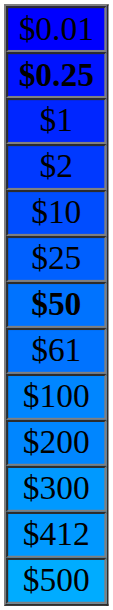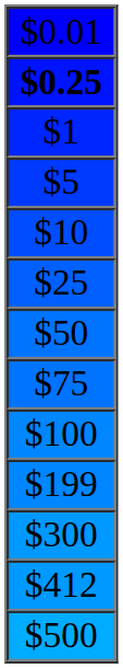 <table border=1 cellspacing=0 cellpadding=1 width=50px|->
 <tr>
 <td bgcolor="#0000FF" align=center><span>$0.01</span></td>
 </tr>
 <tr>
 <td bgcolor="#0013FF" align=center><strong><span>$0.25</span></strong></td>
 </tr>
 <tr>
 <td bgcolor="#0026FF" align=center><span>$1</span></td>
 </tr>
 <tr>
-<td bgcolor="#0039FF" align=center><span>$2</span></td>
+<td bgcolor="#0039FF" align=center><span>$5</span></td>
 </tr>
 <tr>
 <td bgcolor="#004DFF" align=center><span>$10</span></td>
 </tr>
 <tr>
 <td bgcolor="#0060FF" align=center><span>$25</span></td>
 </tr>
 <tr>
-<td bgcolor="#0073FF" align=center><strong><span>$50</span></strong></td>
+<td bgcolor="#0073FF" align=center><span>$50</span></td>
 </tr>
 <tr>
-<td bgcolor="#0073FF" align=center><span>$61</span></td>
+<td bgcolor="#0073FF" align=center><span>$75</span></td>
 </tr>
 <tr>
 <td bgcolor="#0086FF" align=center><span>$100</span></td>
 </tr>
 <tr>
-<td bgcolor="#0086FF" align=center><span>$200</span></td>
+<td bgcolor="#0086FF" align=center><span>$199</span></td>
 </tr>
 <tr>
 <td bgcolor="#0099FF" align=center><span>$300</span></td>
 </tr>
 <tr>
 <td bgcolor="#0099FF" align=center><span>$412</span></td>
 </tr>
 <tr>
 <td bgcolor="#00ACFF" align=center><span>$500</span></td>
 </tr>
 <tr>
 </tr>
 </table>
